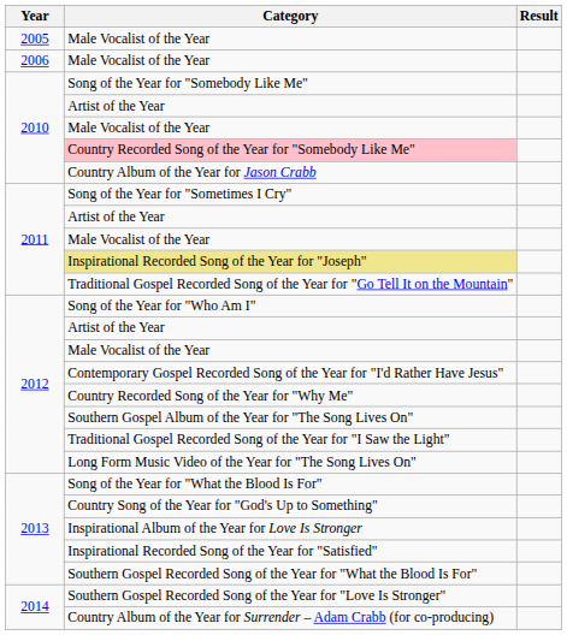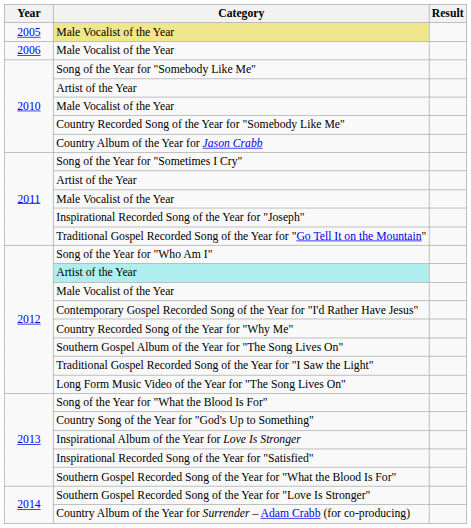 <table class="wikitable sortable">
 <tr>
 <th width="60px">Year</th>
 <th>Category</th>
 <th>Result</th>
 </tr>
 <tr>
 <td align="center"><a href='#'>2005</a></td>
-<td>Male Vocalist of the Year</td>
+<td style="background: khaki;">Male Vocalist of the Year</td>
 <td></td>
 </tr>
 <tr>
 <td align="center"><a href='#'>2006</a></td>
 <td>Male Vocalist of the Year</td>
 <td></td>
 </tr>
 <tr>
 <td rowspan="5;" align="center"><a href='#'>2010</a></td>
 <td>Song of the Year for "Somebody Like Me"</td>
 <td></td>
 </tr>
 <tr>
 <td>Artist of the Year</td>
 <td></td>
 </tr>
 <tr>
 <td>Male Vocalist of the Year</td>
 <td></td>
 </tr>
 <tr>
-<td style="background: pink;">Country Recorded Song of the Year for "Somebody Like Me"</td>
+<td>Country Recorded Song of the Year for "Somebody Like Me"</td>
 <td></td>
 </tr>
 <tr>
 <td>Country Album of the Year for <em><a href='#'>Jason Crabb</a></em></td>
 <td></td>
 </tr>
 <tr>
 <td rowspan="5;" align="center"><a href='#'>2011</a></td>
 <td>Song of the Year for "Sometimes I Cry"</td>
 <td></td>
 </tr>
 <tr>
 <td>Artist of the Year</td>
 <td></td>
 </tr>
 <tr>
 <td>Male Vocalist of the Year</td>
 <td></td>
 </tr>
 <tr>
-<td style="background: khaki;">Inspirational Recorded Song of the Year for "Joseph"</td>
+<td>Inspirational Recorded Song of the Year for "Joseph"</td>
 <td></td>
 </tr>
 <tr>
 <td>Traditional Gospel Recorded Song of the Year for "<a href='#'>Go Tell It on the Mountain</a>"</td>
 <td></td>
 </tr>
 <tr>
 <td rowspan="8;" align="center"><a href='#'>2012</a></td>
 <td>Song of the Year for "Who Am I"</td>
 <td></td>
 </tr>
 <tr>
-<td>Artist of the Year</td>
+<td style="background: paleturquoise;">Artist of the Year</td>
 <td></td>
 </tr>
 <tr>
 <td>Male Vocalist of the Year</td>
 <td></td>
 </tr>
 <tr>
 <td>Contemporary Gospel Recorded Song of the Year for "I'd Rather Have Jesus"</td>
 <td></td>
 </tr>
 <tr>
 <td>Country Recorded Song of the Year for "Why Me"</td>
 <td></td>
 </tr>
 <tr>
 <td>Southern Gospel Album of the Year for "The Song Lives On"</td>
 <td></td>
 </tr>
 <tr>
 <td>Traditional Gospel Recorded Song of the Year for "I Saw the Light"</td>
 <td></td>
 </tr>
 <tr>
 <td>Long Form Music Video of the Year for "The Song Lives On"</td>
 <td></td>
 </tr>
 <tr>
 <td rowspan="5;" align="center"><a href='#'>2013</a></td>
 <td>Song of the Year for "What the Blood Is For"</td>
 <td></td>
 </tr>
 <tr>
 <td>Country Song of the Year for "God's Up to Something"</td>
 <td></td>
 </tr>
 <tr>
 <td>Inspirational Album of the Year for <em>Love Is Stronger</em></td>
 <td></td>
 </tr>
 <tr>
 <td>Inspirational Recorded Song of the Year for "Satisfied"</td>
 <td></td>
 </tr>
 <tr>
 <td>Southern Gospel Recorded Song of the Year for "What the Blood Is For"</td>
 <td></td>
 </tr>
 <tr>
 <td rowspan="2;" align="center"><a href='#'>2014</a></td>
 <td>Southern Gospel Recorded Song of the Year for "Love Is Stronger"</td>
 <td></td>
 </tr>
 <tr>
 <td>Country Album of the Year for <em>Surrender</em> – <a href='#'>Adam Crabb</a> (for co-producing)</td>
 <td></td>
 </tr>
 </table>
